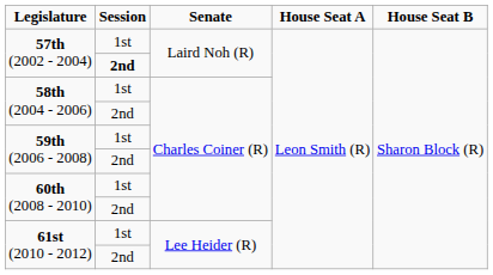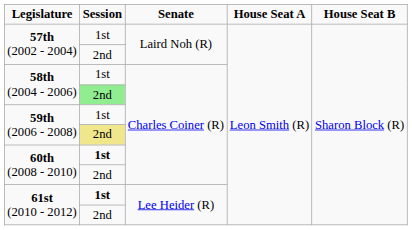 <table class=wikitable style="text-align:center">
 <tr>
 <td><strong>Legislature</strong></td>
 <td><strong>Session</strong></td>
 <td><strong>Senate</strong></td>
 <td><strong>House Seat A</strong></td>
 <td><strong>House Seat B</strong></td>
 </tr>
 <tr>
 <td rowspan="2" colspan="1" style="text-align: center;"><strong>57th</strong> <br> (2002 - 2004)</td>
 <td>1st</td>
 <td rowspan="2" colspan="1" style="text-align: center;" >Laird Noh (R)</td>
 <td rowspan="10" colspan="1" style="text-align: center;" ><a href='#'>Leon Smith</a> (R)</td>
 <td rowspan="10" colspan="1" style="text-align: center;" ><a href='#'>Sharon Block</a> (R)</td>
 </tr>
 <tr>
-<td><strong>2nd</strong></td>
+<td>2nd</td>
 </tr>
 <tr>
 <td rowspan="2" colspan="1" style="text-align: center;"><strong>58th</strong> <br> (2004 - 2006)</td>
 <td>1st</td>
 <td rowspan="6" colspan="1" style="text-align: center;" ><a href='#'>Charles Coiner</a> (R)</td>
 </tr>
 <tr>
-<td>2nd</td>
+<td style="background: lightgreen;">2nd</td>
 </tr>
 <tr>
 <td rowspan="2" colspan="1" style="text-align: center;"><strong>59th</strong> <br> (2006 - 2008)</td>
 <td>1st</td>
 </tr>
 <tr>
-<td>2nd</td>
+<td style="background: khaki;">2nd</td>
 </tr>
 <tr>
 <td rowspan="2" colspan="1" style="text-align: center;"><strong>60th</strong> <br> (2008 - 2010)</td>
-<td>1st</td>
+<td><strong>1st</strong></td>
 </tr>
 <tr>
 <td>2nd</td>
 </tr>
 <tr>
 <td rowspan="2" colspan="1" style="text-align: center;"><strong>61st</strong> <br> (2010 - 2012)</td>
-<td>1st</td>
+<td><strong>1st</strong></td>
 <td rowspan="2" colspan="1" style="text-align: center;" ><a href='#'>Lee Heider</a> (R)</td>
 </tr>
 <tr>
 <td>2nd</td>
 </tr>
 </table>
